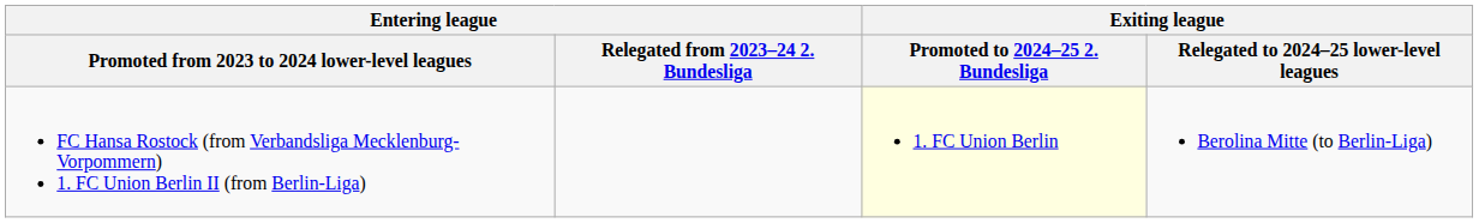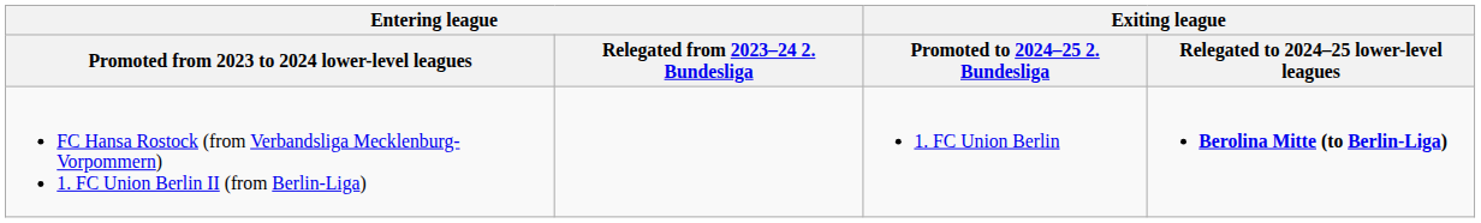 <table class="wikitable">
 <tr>
 <th colspan="2">Entering league</th>
 <th colspan="3">Exiting league</th>
 </tr>
 <tr>
 <th>Promoted from 2023 to 2024 lower-level leagues</th>
 <th>Relegated from <a href='#'>2023–24 2. Bundesliga</a></th>
 <th>Promoted to <a href='#'>2024–25 2. Bundesliga</a></th>
 <th colspan=2>Relegated to 2024–25 lower-level leagues</th>
 </tr>
 <tr style="vertical-align:top;">
 <td><br><ul><li><a href='#'>FC Hansa Rostock</a> (from <a href='#'>Verbandsliga Mecklenburg-Vorpommern</a>)</li><li><a href='#'>1. FC Union Berlin II</a> (from <a href='#'>Berlin-Liga</a>)</li></ul></td>
 <td></td>
-<td style="background: lightyellow;"><br><ul><li><a href='#'>1. FC Union Berlin</a></li></ul></td>
-<td><br><ul><li><a href='#'>Berolina Mitte</a> (to <a href='#'>Berlin-Liga</a>)</li></ul></td>
+<td><br><ul><li><a href='#'>1. FC Union Berlin</a></li></ul></td>
+<td><strong><br><ul><li><a href='#'>Berolina Mitte</a> (to <a href='#'>Berlin-Liga</a>)</li></ul></strong></td>
 </tr>
 </table>
